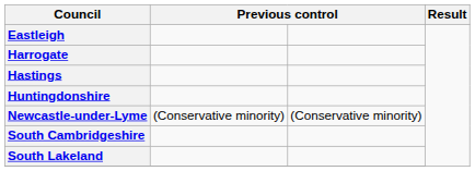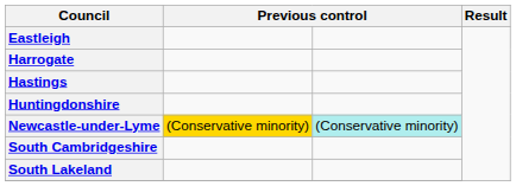 <table class="wikitable">
 <tr>
 <th scope="col">Council</th>
 <th colspan=2>Previous control</th>
 <th colspan=2>Result</th>
 </tr>
 <tr>
 <th scope="row" style="text-align: left;"><a href='#'>Eastleigh</a></th>
 <td></td>
 <td></td>
 </tr>
 <tr>
 <th scope="row" style="text-align: left;"><a href='#'>Harrogate</a></th>
 <td></td>
 <td></td>
 </tr>
 <tr>
 <th scope="row" style="text-align: left;"><a href='#'>Hastings</a></th>
 <td></td>
 <td></td>
 </tr>
 <tr>
 <th scope="row" style="text-align: left;"><a href='#'>Huntingdonshire</a></th>
 <td></td>
 <td></td>
 </tr>
 <tr>
 <th scope="row" style="text-align: left;"><a href='#'>Newcastle-under-Lyme</a></th>
-<td> (Conservative minority)</td>
-<td> (Conservative minority)</td>
+<td style="background: gold;"> (Conservative minority)</td>
+<td style="background: paleturquoise;"> (Conservative minority)</td>
 </tr>
 <tr>
 <th scope="row" style="text-align: left;"><a href='#'>South Cambridgeshire</a></th>
 <td></td>
 <td></td>
 </tr>
 <tr>
 <th scope="row" style="text-align: left;"><a href='#'>South Lakeland</a></th>
 <td></td>
 <td></td>
 </tr>
 <tr>
 </tr>
 </table>
